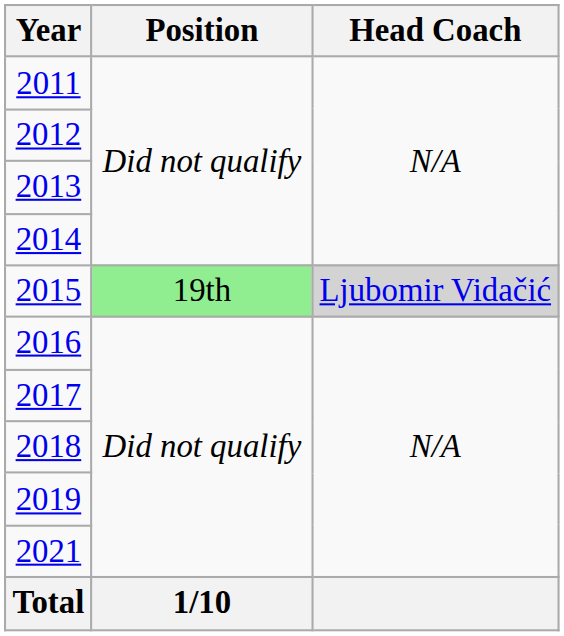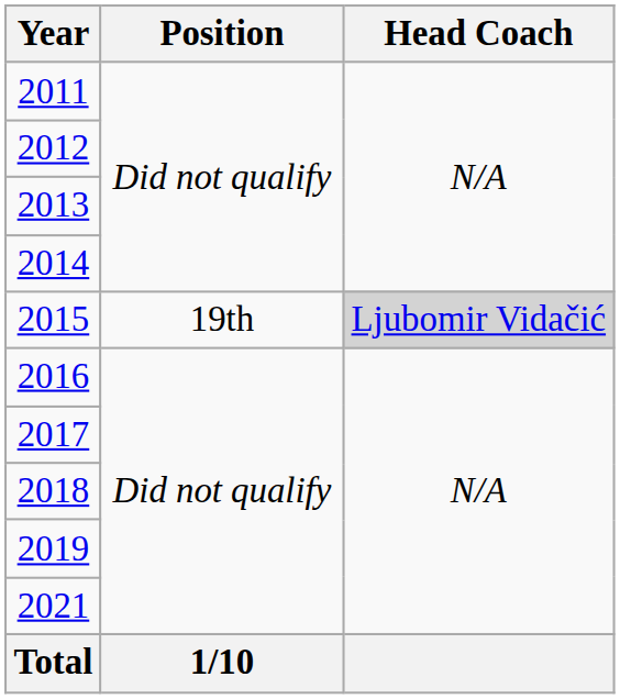 <table class="wikitable" style="text-align: center;">
 <tr>
 <th>Year</th>
 <th width="100">Position</th>
 <th>Head Coach</th>
 </tr>
 <tr>
 <td> <a href='#'>2011</a></td>
 <td rowspan=4><em>Did not qualify</em></td>
 <td rowspan=4><em>N/A</em></td>
 </tr>
 <tr>
 <td> <a href='#'>2012</a></td>
 </tr>
 <tr>
 <td> <a href='#'>2013</a></td>
 </tr>
 <tr>
 <td> <a href='#'>2014</a></td>
 </tr>
 <tr>
 <td> <a href='#'>2015</a></td>
-<td style="background: lightgreen;">19th</td>
+<td>19th</td>
 <td style="background: lightgrey;"><a href='#'>Ljubomir Vidačić</a></td>
 </tr>
 <tr>
 <td> <a href='#'>2016</a></td>
 <td rowspan=5><em>Did not qualify</em></td>
 <td rowspan=5><em>N/A</em></td>
 </tr>
 <tr>
 <td> <a href='#'>2017</a></td>
 </tr>
 <tr>
 <td> <a href='#'>2018</a></td>
 </tr>
 <tr>
 <td> <a href='#'>2019</a></td>
 </tr>
 <tr>
 <td><a href='#'>2021</a></td>
 </tr>
 <tr>
 <th>Total</th>
 <th>1/10</th>
 <th></th>
 </tr>
 </table>
